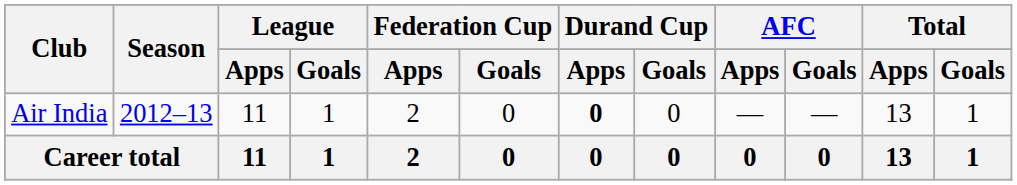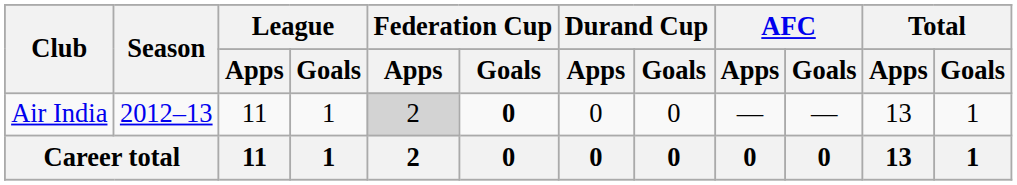 <table class="wikitable" style="font-size:90%; text-align:center;">
 <tr>
 <th rowspan="2">Club</th>
 <th rowspan="2">Season</th>
 <th colspan="2">League</th>
 <th colspan="2">Federation Cup</th>
 <th colspan="2">Durand Cup</th>
 <th colspan="2"><a href='#'>AFC</a></th>
 <th colspan="2">Total</th>
 </tr>
 <tr>
 <th>Apps</th>
 <th>Goals</th>
 <th>Apps</th>
 <th>Goals</th>
 <th>Apps</th>
 <th>Goals</th>
 <th>Apps</th>
 <th>Goals</th>
 <th>Apps</th>
 <th>Goals</th>
 </tr>
 <tr>
 <td rowspan="1"><a href='#'>Air India</a></td>
 <td><a href='#'>2012–13</a></td>
 <td>11</td>
 <td>1</td>
-<td>2</td>
+<td style="background: lightgrey;">2</td>
+<td><strong>0</strong></td>
 <td>0</td>
-<td><strong>0</strong></td>
 <td>0</td>
 <td>—</td>
 <td>—</td>
 <td>13</td>
 <td>1</td>
 </tr>
 <tr>
 <th colspan="2">Career total</th>
 <th>11</th>
 <th>1</th>
 <th>2</th>
 <th>0</th>
 <th>0</th>
 <th>0</th>
 <th>0</th>
 <th>0</th>
 <th>13</th>
 <th>1</th>
 </tr>
 </table>
